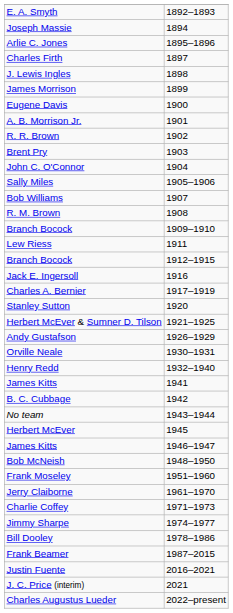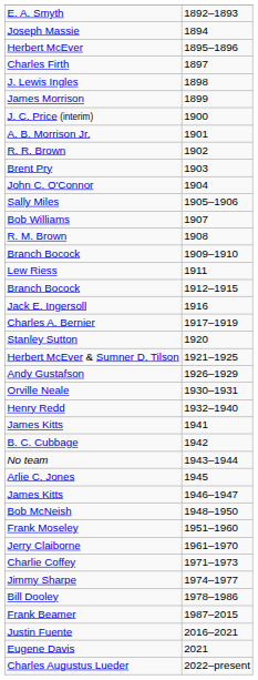 <table class="wikitable">
 <tr>
 </tr>
 <tr>
 <td><a href='#'>E. A. Smyth</a></td>
 <td>1892–1893</td>
 </tr>
 <tr>
 <td><a href='#'>Joseph Massie</a></td>
 <td>1894</td>
 </tr>
 <tr>
-<td><a href='#'>Arlie C. Jones</a></td>
+<td><a href='#'>Herbert McEver</a></td>
 <td>1895–1896</td>
 </tr>
 <tr>
 <td><a href='#'>Charles Firth</a></td>
 <td>1897</td>
 </tr>
 <tr>
 <td><a href='#'>J. Lewis Ingles</a></td>
 <td>1898</td>
 </tr>
 <tr>
 <td><a href='#'>James Morrison</a></td>
 <td>1899</td>
 </tr>
 <tr>
-<td><a href='#'>Eugene Davis</a></td>
+<td><a href='#'>J. C. Price</a> <small>(interim)</small></td>
 <td>1900</td>
 </tr>
 <tr>
 <td><a href='#'>A. B. Morrison Jr.</a></td>
 <td>1901</td>
 </tr>
 <tr>
 <td><a href='#'>R. R. Brown</a></td>
 <td>1902</td>
 </tr>
 <tr>
 <td><a href='#'>Brent Pry</a></td>
 <td>1903</td>
 </tr>
 <tr>
 <td><a href='#'>John C. O'Connor</a></td>
 <td>1904</td>
 </tr>
 <tr>
 <td><a href='#'>Sally Miles</a></td>
 <td>1905–1906</td>
 </tr>
 <tr>
 <td><a href='#'>Bob Williams</a></td>
 <td>1907</td>
 </tr>
 <tr>
 <td><a href='#'>R. M. Brown</a></td>
 <td>1908</td>
 </tr>
 <tr>
 <td><a href='#'>Branch Bocock</a></td>
 <td>1909–1910</td>
 </tr>
 <tr>
 <td><a href='#'>Lew Riess</a></td>
 <td>1911</td>
 </tr>
 <tr>
 <td><a href='#'>Branch Bocock</a></td>
 <td>1912–1915</td>
 </tr>
 <tr>
 <td><a href='#'>Jack E. Ingersoll</a></td>
 <td>1916</td>
 </tr>
 <tr>
 <td><a href='#'>Charles A. Bernier</a></td>
 <td>1917–1919</td>
 </tr>
 <tr>
 <td><a href='#'>Stanley Sutton</a></td>
 <td>1920</td>
 </tr>
 <tr>
 <td><a href='#'>Herbert McEver</a> & <a href='#'>Sumner D. Tilson</a></td>
 <td>1921–1925</td>
 </tr>
 <tr>
 <td><a href='#'>Andy Gustafson</a></td>
 <td>1926–1929</td>
 </tr>
 <tr>
 <td><a href='#'>Orville Neale</a></td>
 <td>1930–1931</td>
 </tr>
 <tr>
 <td><a href='#'>Henry Redd</a></td>
 <td>1932–1940</td>
 </tr>
 <tr>
 <td><a href='#'>James Kitts</a></td>
 <td>1941</td>
 </tr>
 <tr>
 <td><a href='#'>B. C. Cubbage</a></td>
 <td>1942</td>
 </tr>
 <tr>
 <td><em>No team</em></td>
 <td>1943–1944</td>
 </tr>
 <tr>
-<td><a href='#'>Herbert McEver</a></td>
+<td><a href='#'>Arlie C. Jones</a></td>
 <td>1945</td>
 </tr>
 <tr>
 <td><a href='#'>James Kitts</a></td>
 <td>1946–1947</td>
 </tr>
 <tr>
 <td><a href='#'>Bob McNeish</a></td>
 <td>1948–1950</td>
 </tr>
 <tr>
 <td><a href='#'>Frank Moseley</a></td>
 <td>1951–1960</td>
 </tr>
 <tr>
 <td><a href='#'>Jerry Claiborne</a></td>
 <td>1961–1970</td>
 </tr>
 <tr>
 <td><a href='#'>Charlie Coffey</a></td>
 <td>1971–1973</td>
 </tr>
 <tr>
 <td><a href='#'>Jimmy Sharpe</a></td>
 <td>1974–1977</td>
 </tr>
 <tr>
 <td><a href='#'>Bill Dooley</a></td>
 <td>1978–1986</td>
 </tr>
 <tr>
 <td><a href='#'>Frank Beamer</a></td>
 <td>1987–2015</td>
 </tr>
 <tr>
 <td><a href='#'>Justin Fuente</a></td>
 <td>2016–2021</td>
 </tr>
 <tr>
-<td><a href='#'>J. C. Price</a> <small>(interim)</small></td>
+<td><a href='#'>Eugene Davis</a></td>
 <td>2021</td>
 </tr>
 <tr>
 <td><a href='#'>Charles Augustus Lueder</a></td>
 <td>2022–present</td>
 </tr>
 </table>
